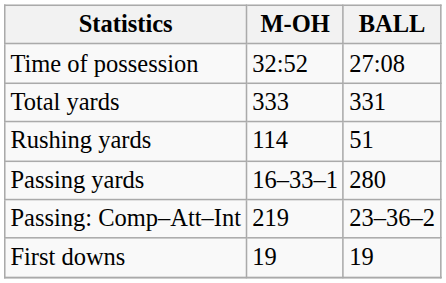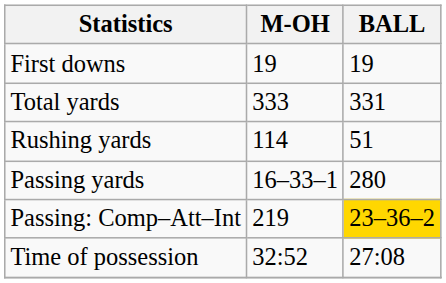 <table class="wikitable" style="float: left;">
 <tr>
 <th>Statistics</th>
 <th>M-OH</th>
 <th>BALL</th>
 </tr>
 <tr>
-<td>Time of possession</td>
-<td>32:52</td>
-<td>27:08</td>
+<td>First downs</td>
+<td>19</td>
+<td>19</td>
 </tr>
 <tr>
 <td>Total yards</td>
 <td>333</td>
 <td>331</td>
 </tr>
 <tr>
 <td>Rushing yards</td>
 <td>114</td>
 <td>51</td>
 </tr>
 <tr>
 <td>Passing yards</td>
 <td>16–33–1</td>
 <td>280</td>
 </tr>
 <tr>
 <td>Passing: Comp–Att–Int</td>
 <td>219</td>
-<td>23–36–2</td>
+<td style="background: gold;">23–36–2</td>
 </tr>
 <tr>
-<td>First downs</td>
-<td>19</td>
-<td>19</td>
+<td>Time of possession</td>
+<td>32:52</td>
+<td>27:08</td>
 </tr>
 <tr>
 </tr>
 </table>
